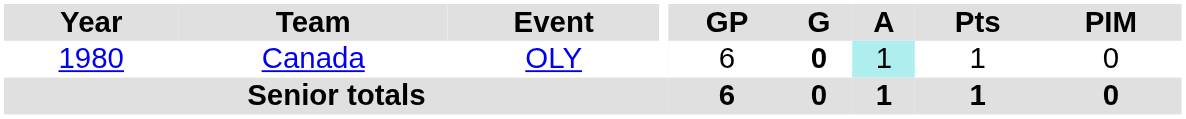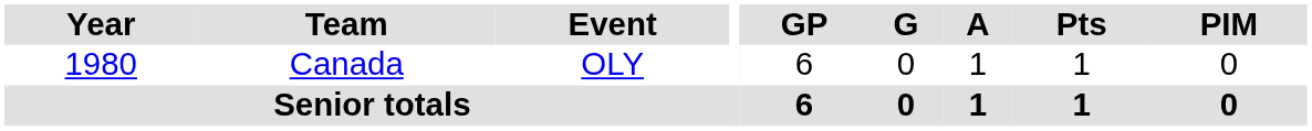 <table border="0" cellpadding="1" cellspacing="0" ID="Table3" style="text-align:center; width:40em">
 <tr bgcolor="#e0e0e0">
 <th>Year</th>
 <th>Team</th>
 <th>Event</th>
 <th rowspan="102" bgcolor="#ffffff"></th>
 <th>GP</th>
 <th>G</th>
 <th>A</th>
 <th>Pts</th>
 <th>PIM</th>
 </tr>
 <tr>
 <td><a href='#'>1980</a></td>
 <td><a href='#'>Canada</a></td>
 <td><a href='#'>OLY</a></td>
 <td>6</td>
-<td><strong>0</strong></td>
-<td style="background: paleturquoise;">1</td>
+<td>0</td>
+<td>1</td>
 <td>1</td>
 <td>0</td>
 </tr>
 <tr bgcolor="#e0e0e0">
 <th colspan="4">Senior totals</th>
 <th>6</th>
 <th>0</th>
 <th>1</th>
 <th>1</th>
 <th>0</th>
 </tr>
 </table>
